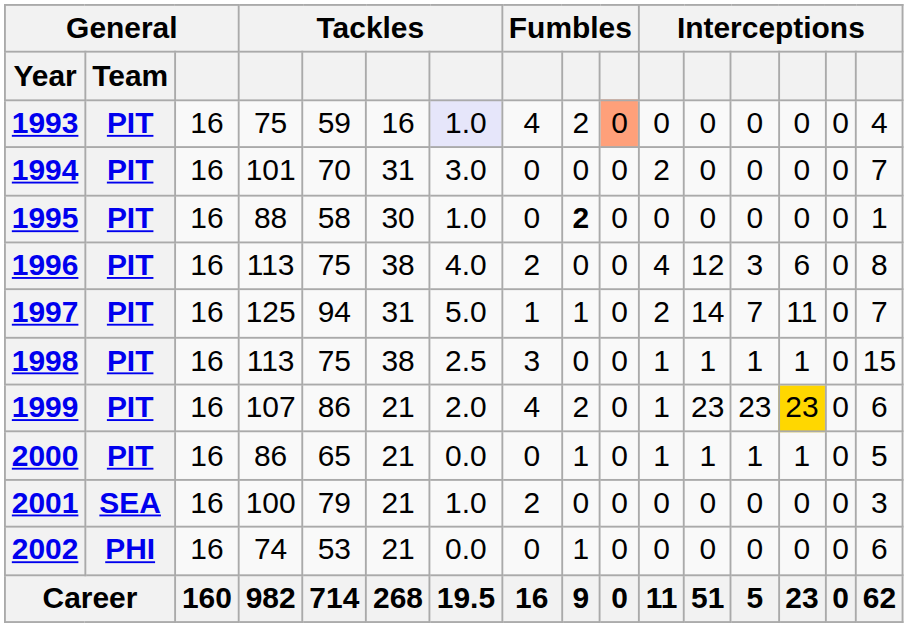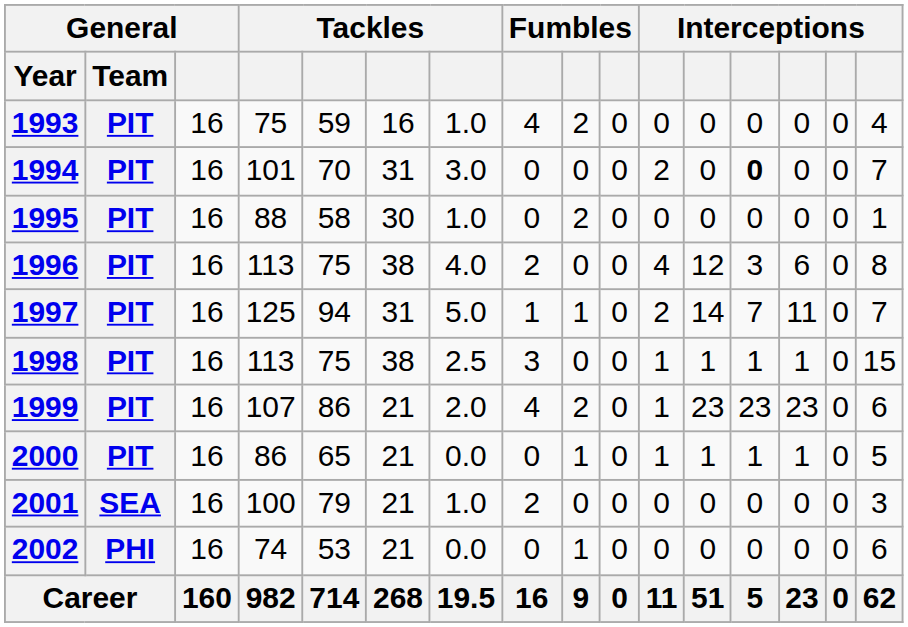 <table class="wikitable" style="text-align:center;">
 <tr>
 <th colspan=3>General</th>
 <th colspan=4>Tackles</th>
 <th colspan=3>Fumbles</th>
 <th colspan=7>Interceptions</th>
 </tr>
 <tr>
 <th>Year</th>
 <th>Team</th>
 <th></th>
 <th></th>
 <th></th>
 <th></th>
 <th></th>
 <th></th>
 <th></th>
 <th></th>
 <th></th>
 <th></th>
 <th></th>
 <th></th>
 <th></th>
 <th></th>
 </tr>
 <tr>
 <th><a href='#'>1993</a></th>
 <th><a href='#'>PIT</a></th>
 <td>16</td>
 <td>75</td>
 <td>59</td>
 <td>16</td>
-<td style="background: lavender;">1.0</td>
+<td>1.0</td>
 <td>4</td>
 <td>2</td>
-<td style="background: lightsalmon;">0</td>
+<td>0</td>
 <td>0</td>
 <td>0</td>
 <td>0</td>
 <td>0</td>
 <td>0</td>
 <td>4</td>
 </tr>
 <tr>
 <th><a href='#'>1994</a></th>
 <th><a href='#'>PIT</a></th>
 <td>16</td>
 <td>101</td>
 <td>70</td>
 <td>31</td>
 <td>3.0</td>
 <td>0</td>
 <td>0</td>
 <td>0</td>
 <td>2</td>
 <td>0</td>
-<td>0</td>
+<td><strong>0</strong></td>
 <td>0</td>
 <td>0</td>
 <td>7</td>
 </tr>
 <tr>
 <th><a href='#'>1995</a></th>
 <th><a href='#'>PIT</a></th>
 <td>16</td>
 <td>88</td>
 <td>58</td>
 <td>30</td>
 <td>1.0</td>
 <td>0</td>
-<td><strong>2</strong></td>
+<td>2</td>
 <td>0</td>
 <td>0</td>
 <td>0</td>
 <td>0</td>
 <td>0</td>
 <td>0</td>
 <td>1</td>
 </tr>
 <tr>
 <th><a href='#'>1996</a></th>
 <th><a href='#'>PIT</a></th>
 <td>16</td>
 <td>113</td>
 <td>75</td>
 <td>38</td>
 <td>4.0</td>
 <td>2</td>
 <td>0</td>
 <td>0</td>
 <td>4</td>
 <td>12</td>
 <td>3</td>
 <td>6</td>
 <td>0</td>
 <td>8</td>
 </tr>
 <tr>
 <th><a href='#'>1997</a></th>
 <th><a href='#'>PIT</a></th>
 <td>16</td>
 <td>125</td>
 <td>94</td>
 <td>31</td>
 <td>5.0</td>
 <td>1</td>
 <td>1</td>
 <td>0</td>
 <td>2</td>
 <td>14</td>
 <td>7</td>
 <td>11</td>
 <td>0</td>
 <td>7</td>
 </tr>
 <tr>
 <th><a href='#'>1998</a></th>
 <th><a href='#'>PIT</a></th>
 <td>16</td>
 <td>113</td>
 <td>75</td>
 <td>38</td>
 <td>2.5</td>
 <td>3</td>
 <td>0</td>
 <td>0</td>
 <td>1</td>
 <td>1</td>
 <td>1</td>
 <td>1</td>
 <td>0</td>
 <td>15</td>
 </tr>
 <tr>
 <th><a href='#'>1999</a></th>
 <th><a href='#'>PIT</a></th>
 <td>16</td>
 <td>107</td>
 <td>86</td>
 <td>21</td>
 <td>2.0</td>
 <td>4</td>
 <td>2</td>
 <td>0</td>
 <td>1</td>
 <td>23</td>
 <td>23</td>
-<td style="background: gold;">23</td>
+<td>23</td>
 <td>0</td>
 <td>6</td>
 </tr>
 <tr>
 <th><a href='#'>2000</a></th>
 <th><a href='#'>PIT</a></th>
 <td>16</td>
 <td>86</td>
 <td>65</td>
 <td>21</td>
 <td>0.0</td>
 <td>0</td>
 <td>1</td>
 <td>0</td>
 <td>1</td>
 <td>1</td>
 <td>1</td>
 <td>1</td>
 <td>0</td>
 <td>5</td>
 </tr>
 <tr>
 <th><a href='#'>2001</a></th>
 <th><a href='#'>SEA</a></th>
 <td>16</td>
 <td>100</td>
 <td>79</td>
 <td>21</td>
 <td>1.0</td>
 <td>2</td>
 <td>0</td>
 <td>0</td>
 <td>0</td>
 <td>0</td>
 <td>0</td>
 <td>0</td>
 <td>0</td>
 <td>3</td>
 </tr>
 <tr>
 <th><a href='#'>2002</a></th>
 <th><a href='#'>PHI</a></th>
 <td>16</td>
 <td>74</td>
 <td>53</td>
 <td>21</td>
 <td>0.0</td>
 <td>0</td>
 <td>1</td>
 <td>0</td>
 <td>0</td>
 <td>0</td>
 <td>0</td>
 <td>0</td>
 <td>0</td>
 <td>6</td>
 </tr>
 <tr>
 <th colspan="2">Career</th>
 <th>160</th>
 <th>982</th>
 <th>714</th>
 <th>268</th>
 <th>19.5</th>
 <th>16</th>
 <th>9</th>
 <th>0</th>
 <th>11</th>
 <th>51</th>
 <th>5</th>
 <th>23</th>
 <th>0</th>
 <th>62</th>
 </tr>
 </table>
